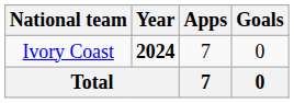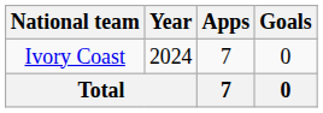 <table class=wikitable style=text-align:center>
 <tr>
 <th>National team</th>
 <th>Year</th>
 <th>Apps</th>
 <th>Goals</th>
 </tr>
 <tr>
 <td rowspan="1"><a href='#'>Ivory Coast</a></td>
-<td><strong>2024</strong></td>
+<td>2024</td>
 <td>7</td>
 <td>0</td>
 </tr>
 <tr>
 <th colspan="2">Total</th>
 <th>7</th>
 <th>0</th>
 </tr>
 </table>
